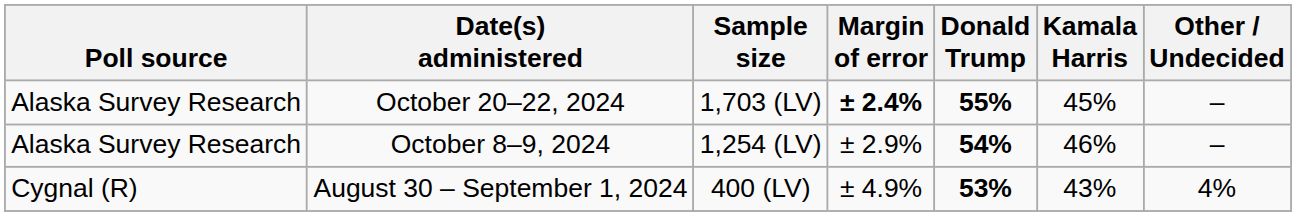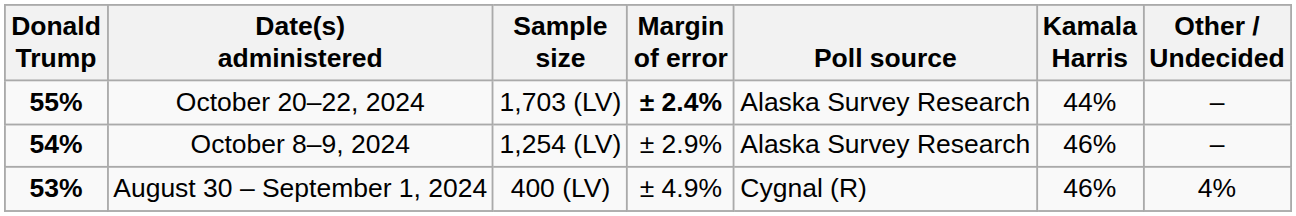 <table class="wikitable sortable mw-datatable" style="font-size:90%;text-align:center;line-height:17px">
 <tr valign=bottom>
-<th>Poll source</th>
+<th class="unsortable">Donald<br>Trump<br></th>
 <th>Date(s)<br>administered</th>
 <th>Sample<br>size</th>
 <th>Margin<br>of error</th>
-<th class="unsortable">Donald<br>Trump<br></th>
+<th>Poll source</th>
 <th class="unsortable">Kamala<br>Harris<br></th>
 <th class="unsortable">Other /<br>Undecided</th>
 </tr>
 <tr>
-<td style="text-align:left;">Alaska Survey Research</td>
+<td style="background-color:"><strong>55%</strong></td>
 <td data-sort-value=2024-10-22>October 20–22, 2024</td>
 <td>1,703 (LV)</td>
 <td><strong>± 2.4%</strong></td>
-<td style="background-color:"><strong>55%</strong></td>
-<td>45%</td>
+<td style="text-align:left;">Alaska Survey Research</td>
+<td>44%</td>
 <td>–</td>
 </tr>
 <tr>
-<td style="text-align:left;">Alaska Survey Research</td>
+<td style="background-color:"><strong>54%</strong></td>
 <td data-sort-value=2024-10-09>October 8–9, 2024</td>
 <td>1,254 (LV)</td>
 <td>± 2.9%</td>
-<td style="background-color:"><strong>54%</strong></td>
+<td style="text-align:left;">Alaska Survey Research</td>
 <td>46%</td>
 <td>–</td>
 </tr>
 <tr>
-<td style="text-align:left;">Cygnal (R)</td>
+<td style="background-color:"><strong>53%</strong></td>
 <td data-sort-value=2024-09-01>August 30 – September 1, 2024</td>
 <td>400 (LV)</td>
 <td>± 4.9%</td>
-<td style="background-color:"><strong>53%</strong></td>
-<td>43%</td>
+<td style="text-align:left;">Cygnal (R)</td>
+<td>46%</td>
 <td>4%</td>
 </tr>
 </table>
